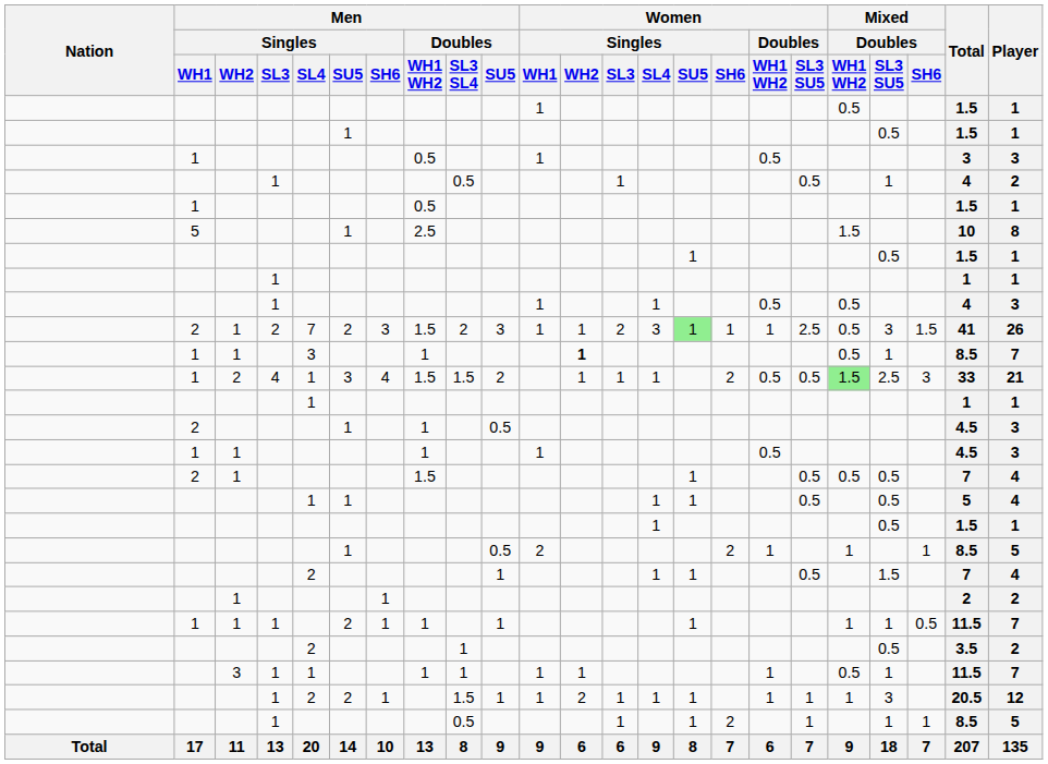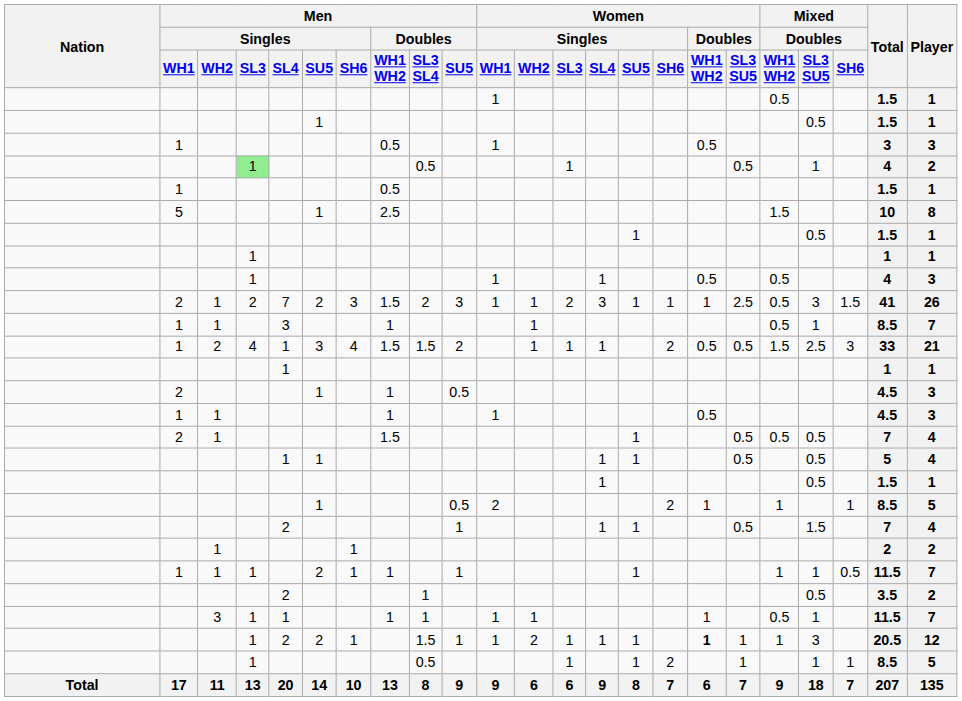 <table class="wikitable" style="font-size:90%; text-align:center">
 <tr>
 <th rowspan="3" width="150">Nation</th>
 <th colspan="9">Men</th>
 <th colspan="8">Women</th>
 <th colspan="3">Mixed</th>
 <th rowspan="3">Total</th>
 <th rowspan="3">Player</th>
 </tr>
 <tr>
 <th colspan="6">Singles</th>
 <th colspan="3">Doubles</th>
 <th colspan="6">Singles</th>
 <th colspan="2">Doubles</th>
 <th colspan="3">Doubles</th>
 </tr>
 <tr>
 <th><a href='#'>WH1</a></th>
 <th><a href='#'>WH2</a></th>
 <th><a href='#'>SL3</a></th>
 <th><a href='#'>SL4</a></th>
 <th><a href='#'>SU5</a></th>
 <th><a href='#'>SH6</a></th>
 <th><a href='#'>WH1<br>WH2</a></th>
 <th><a href='#'>SL3<br>SL4</a></th>
 <th><a href='#'>SU5</a></th>
 <th><a href='#'>WH1</a></th>
 <th><a href='#'>WH2</a></th>
 <th><a href='#'>SL3</a></th>
 <th><a href='#'>SL4</a></th>
 <th><a href='#'>SU5</a></th>
 <th><a href='#'>SH6</a></th>
 <th><a href='#'>WH1<br>WH2</a></th>
 <th><a href='#'>SL3<br>SU5</a></th>
 <th><a href='#'>WH1<br>WH2</a></th>
 <th><a href='#'>SL3<br>SU5</a></th>
 <th><a href='#'>SH6</a></th>
 </tr>
 <tr>
 <td align="left"></td>
 <td></td>
 <td></td>
 <td></td>
 <td></td>
 <td></td>
 <td></td>
 <td></td>
 <td></td>
 <td></td>
 <td>1</td>
 <td></td>
 <td></td>
 <td></td>
 <td></td>
 <td></td>
 <td></td>
 <td></td>
 <td>0.5</td>
 <td></td>
 <td></td>
 <th>1.5</th>
 <th>1</th>
 </tr>
 <tr>
 <td align="left"></td>
 <td></td>
 <td></td>
 <td></td>
 <td></td>
 <td>1</td>
 <td></td>
 <td></td>
 <td></td>
 <td></td>
 <td></td>
 <td></td>
 <td></td>
 <td></td>
 <td></td>
 <td></td>
 <td></td>
 <td></td>
 <td></td>
 <td>0.5</td>
 <td></td>
 <th>1.5</th>
 <th>1</th>
 </tr>
 <tr>
 <td align="left"></td>
 <td>1</td>
 <td></td>
 <td></td>
 <td></td>
 <td></td>
 <td></td>
 <td>0.5</td>
 <td></td>
 <td></td>
 <td>1</td>
 <td></td>
 <td></td>
 <td></td>
 <td></td>
 <td></td>
 <td>0.5</td>
 <td></td>
 <td></td>
 <td></td>
 <td></td>
 <th>3</th>
 <th>3</th>
 </tr>
 <tr>
 <td align="left"></td>
 <td></td>
 <td></td>
-<td>1</td>
+<td style="background: lightgreen;">1</td>
 <td></td>
 <td></td>
 <td></td>
 <td></td>
 <td>0.5</td>
 <td></td>
 <td></td>
 <td></td>
 <td>1</td>
 <td></td>
 <td></td>
 <td></td>
 <td></td>
 <td>0.5</td>
 <td></td>
 <td>1</td>
 <td></td>
 <th>4</th>
 <th>2</th>
 </tr>
 <tr>
 <td align="left"></td>
 <td>1</td>
 <td></td>
 <td></td>
 <td></td>
 <td></td>
 <td></td>
 <td>0.5</td>
 <td></td>
 <td></td>
 <td></td>
 <td></td>
 <td></td>
 <td></td>
 <td></td>
 <td></td>
 <td></td>
 <td></td>
 <td></td>
 <td></td>
 <td></td>
 <th>1.5</th>
 <th>1</th>
 </tr>
 <tr>
 <td align="left"></td>
 <td>5</td>
 <td></td>
 <td></td>
 <td></td>
 <td>1</td>
 <td></td>
 <td>2.5</td>
 <td></td>
 <td></td>
 <td></td>
 <td></td>
 <td></td>
 <td></td>
 <td></td>
 <td></td>
 <td></td>
 <td></td>
 <td>1.5</td>
 <td></td>
 <td></td>
 <th>10</th>
 <th>8</th>
 </tr>
 <tr>
 <td align="left"></td>
 <td></td>
 <td></td>
 <td></td>
 <td></td>
 <td></td>
 <td></td>
 <td></td>
 <td></td>
 <td></td>
 <td></td>
 <td></td>
 <td></td>
 <td></td>
 <td>1</td>
 <td></td>
 <td></td>
 <td></td>
 <td></td>
 <td>0.5</td>
 <td></td>
 <th>1.5</th>
 <th>1</th>
 </tr>
 <tr>
 <td align="left"></td>
 <td></td>
 <td></td>
 <td>1</td>
 <td></td>
 <td></td>
 <td></td>
 <td></td>
 <td></td>
 <td></td>
 <td></td>
 <td></td>
 <td></td>
 <td></td>
 <td></td>
 <td></td>
 <td></td>
 <td></td>
 <td></td>
 <td></td>
 <td></td>
 <th>1</th>
 <th>1</th>
 </tr>
 <tr>
 <td align="left"></td>
 <td></td>
 <td></td>
 <td>1</td>
 <td></td>
 <td></td>
 <td></td>
 <td></td>
 <td></td>
 <td></td>
 <td>1</td>
 <td></td>
 <td></td>
 <td>1</td>
 <td></td>
 <td></td>
 <td>0.5</td>
 <td></td>
 <td>0.5</td>
 <td></td>
 <td></td>
 <th>4</th>
 <th>3</th>
 </tr>
 <tr>
 <td align="left"></td>
 <td>2</td>
 <td>1</td>
 <td>2</td>
 <td>7</td>
 <td>2</td>
 <td>3</td>
 <td>1.5</td>
 <td>2</td>
 <td>3</td>
 <td>1</td>
 <td>1</td>
 <td>2</td>
 <td>3</td>
-<td style="background: lightgreen;">1</td>
+<td>1</td>
 <td>1</td>
 <td>1</td>
 <td>2.5</td>
 <td>0.5</td>
 <td>3</td>
 <td>1.5</td>
 <th>41</th>
 <th>26</th>
 </tr>
 <tr>
 <td align="left"></td>
 <td>1</td>
 <td>1</td>
 <td></td>
 <td>3</td>
 <td></td>
 <td></td>
 <td>1</td>
 <td></td>
 <td></td>
 <td></td>
-<td><strong>1</strong></td>
+<td>1</td>
 <td></td>
 <td></td>
 <td></td>
 <td></td>
 <td></td>
 <td></td>
 <td>0.5</td>
 <td>1</td>
 <td></td>
 <th>8.5</th>
 <th>7</th>
 </tr>
 <tr>
 <td align="left"></td>
 <td>1</td>
 <td>2</td>
 <td>4</td>
 <td>1</td>
 <td>3</td>
 <td>4</td>
 <td>1.5</td>
 <td>1.5</td>
 <td>2</td>
 <td></td>
 <td>1</td>
 <td>1</td>
 <td>1</td>
 <td></td>
 <td>2</td>
 <td>0.5</td>
 <td>0.5</td>
-<td style="background: lightgreen;">1.5</td>
+<td>1.5</td>
 <td>2.5</td>
 <td>3</td>
 <th>33</th>
 <th>21</th>
 </tr>
 <tr>
 <td align="left"></td>
 <td></td>
 <td></td>
 <td></td>
 <td>1</td>
 <td></td>
 <td></td>
 <td></td>
 <td></td>
 <td></td>
 <td></td>
 <td></td>
 <td></td>
 <td></td>
 <td></td>
 <td></td>
 <td></td>
 <td></td>
 <td></td>
 <td></td>
 <td></td>
 <th>1</th>
 <th>1</th>
 </tr>
 <tr>
 <td align="left"></td>
 <td>2</td>
 <td></td>
 <td></td>
 <td></td>
 <td>1</td>
 <td></td>
 <td>1</td>
 <td></td>
 <td>0.5</td>
 <td></td>
 <td></td>
 <td></td>
 <td></td>
 <td></td>
 <td></td>
 <td></td>
 <td></td>
 <td></td>
 <td></td>
 <td></td>
 <th>4.5</th>
 <th>3</th>
 </tr>
 <tr>
 <td align="left"></td>
 <td>1</td>
 <td>1</td>
 <td></td>
 <td></td>
 <td></td>
 <td></td>
 <td>1</td>
 <td></td>
 <td></td>
 <td>1</td>
 <td></td>
 <td></td>
 <td></td>
 <td></td>
 <td></td>
 <td>0.5</td>
 <td></td>
 <td></td>
 <td></td>
 <td></td>
 <th>4.5</th>
 <th>3</th>
 </tr>
 <tr>
 <td align="left"></td>
 <td>2</td>
 <td>1</td>
 <td></td>
 <td></td>
 <td></td>
 <td></td>
 <td>1.5</td>
 <td></td>
 <td></td>
 <td></td>
 <td></td>
 <td></td>
 <td></td>
 <td>1</td>
 <td></td>
 <td></td>
 <td>0.5</td>
 <td>0.5</td>
 <td>0.5</td>
 <td></td>
 <th>7</th>
 <th>4</th>
 </tr>
 <tr>
 <td align="left"></td>
 <td></td>
 <td></td>
 <td></td>
 <td>1</td>
 <td>1</td>
 <td></td>
 <td></td>
 <td></td>
 <td></td>
 <td></td>
 <td></td>
 <td></td>
 <td>1</td>
 <td>1</td>
 <td></td>
 <td></td>
 <td>0.5</td>
 <td></td>
 <td>0.5</td>
 <td></td>
 <th>5</th>
 <th>4</th>
 </tr>
 <tr>
 <td align="left"></td>
 <td></td>
 <td></td>
 <td></td>
 <td></td>
 <td></td>
 <td></td>
 <td></td>
 <td></td>
 <td></td>
 <td></td>
 <td></td>
 <td></td>
 <td>1</td>
 <td></td>
 <td></td>
 <td></td>
 <td></td>
 <td></td>
 <td>0.5</td>
 <td></td>
 <th>1.5</th>
 <th>1</th>
 </tr>
 <tr>
 <td align="left"></td>
 <td></td>
 <td></td>
 <td></td>
 <td></td>
 <td>1</td>
 <td></td>
 <td></td>
 <td></td>
 <td>0.5</td>
 <td>2</td>
 <td></td>
 <td></td>
 <td></td>
 <td></td>
 <td>2</td>
 <td>1</td>
 <td></td>
 <td>1</td>
 <td></td>
 <td>1</td>
 <th>8.5</th>
 <th>5</th>
 </tr>
 <tr>
 <td align="left"></td>
 <td></td>
 <td></td>
 <td></td>
 <td>2</td>
 <td></td>
 <td></td>
 <td></td>
 <td></td>
 <td>1</td>
 <td></td>
 <td></td>
 <td></td>
 <td>1</td>
 <td>1</td>
 <td></td>
 <td></td>
 <td>0.5</td>
 <td></td>
 <td>1.5</td>
 <td></td>
 <th>7</th>
 <th>4</th>
 </tr>
 <tr>
 <td align="left"></td>
 <td></td>
 <td>1</td>
 <td></td>
 <td></td>
 <td></td>
 <td>1</td>
 <td></td>
 <td></td>
 <td></td>
 <td></td>
 <td></td>
 <td></td>
 <td></td>
 <td></td>
 <td></td>
 <td></td>
 <td></td>
 <td></td>
 <td></td>
 <td></td>
 <th>2</th>
 <th>2</th>
 </tr>
 <tr>
 <td align="left"></td>
 <td>1</td>
 <td>1</td>
 <td>1</td>
 <td></td>
 <td>2</td>
 <td>1</td>
 <td>1</td>
 <td></td>
 <td>1</td>
 <td></td>
 <td></td>
 <td></td>
 <td></td>
 <td>1</td>
 <td></td>
 <td></td>
 <td></td>
 <td>1</td>
 <td>1</td>
 <td>0.5</td>
 <th>11.5</th>
 <th>7</th>
 </tr>
 <tr>
 <td align="left"></td>
 <td></td>
 <td></td>
 <td></td>
 <td>2</td>
 <td></td>
 <td></td>
 <td></td>
 <td>1</td>
 <td></td>
 <td></td>
 <td></td>
 <td></td>
 <td></td>
 <td></td>
 <td></td>
 <td></td>
 <td></td>
 <td></td>
 <td>0.5</td>
 <td></td>
 <th>3.5</th>
 <th>2</th>
 </tr>
 <tr>
 <td align="left"></td>
 <td></td>
 <td>3</td>
 <td>1</td>
 <td>1</td>
 <td></td>
 <td></td>
 <td>1</td>
 <td>1</td>
 <td></td>
 <td>1</td>
 <td>1</td>
 <td></td>
 <td></td>
 <td></td>
 <td></td>
 <td>1</td>
 <td></td>
 <td>0.5</td>
 <td>1</td>
 <td></td>
 <th>11.5</th>
 <th>7</th>
 </tr>
 <tr>
 <td align="left"></td>
 <td></td>
 <td></td>
 <td>1</td>
 <td>2</td>
 <td>2</td>
 <td>1</td>
 <td></td>
 <td>1.5</td>
 <td>1</td>
 <td>1</td>
 <td>2</td>
 <td>1</td>
 <td>1</td>
 <td>1</td>
 <td></td>
-<td>1</td>
+<td><strong>1</strong></td>
 <td>1</td>
 <td>1</td>
 <td>3</td>
 <td></td>
 <th>20.5</th>
 <th>12</th>
 </tr>
 <tr>
 <td align="left"></td>
 <td></td>
 <td></td>
 <td>1</td>
 <td></td>
 <td></td>
 <td></td>
 <td></td>
 <td>0.5</td>
 <td></td>
 <td></td>
 <td></td>
 <td>1</td>
 <td></td>
 <td>1</td>
 <td>2</td>
 <td></td>
 <td>1</td>
 <td></td>
 <td>1</td>
 <td>1</td>
 <th>8.5</th>
 <th>5</th>
 </tr>
 <tr>
 <th>Total</th>
 <th>17</th>
 <th>11</th>
 <th>13</th>
 <th>20</th>
 <th>14</th>
 <th>10</th>
 <th>13</th>
 <th>8</th>
 <th>9</th>
 <th>9</th>
 <th>6</th>
 <th>6</th>
 <th>9</th>
 <th>8</th>
 <th>7</th>
 <th>6</th>
 <th>7</th>
 <th>9</th>
 <th>18</th>
 <th>7</th>
 <th>207</th>
 <th>135</th>
 </tr>
 </table>
